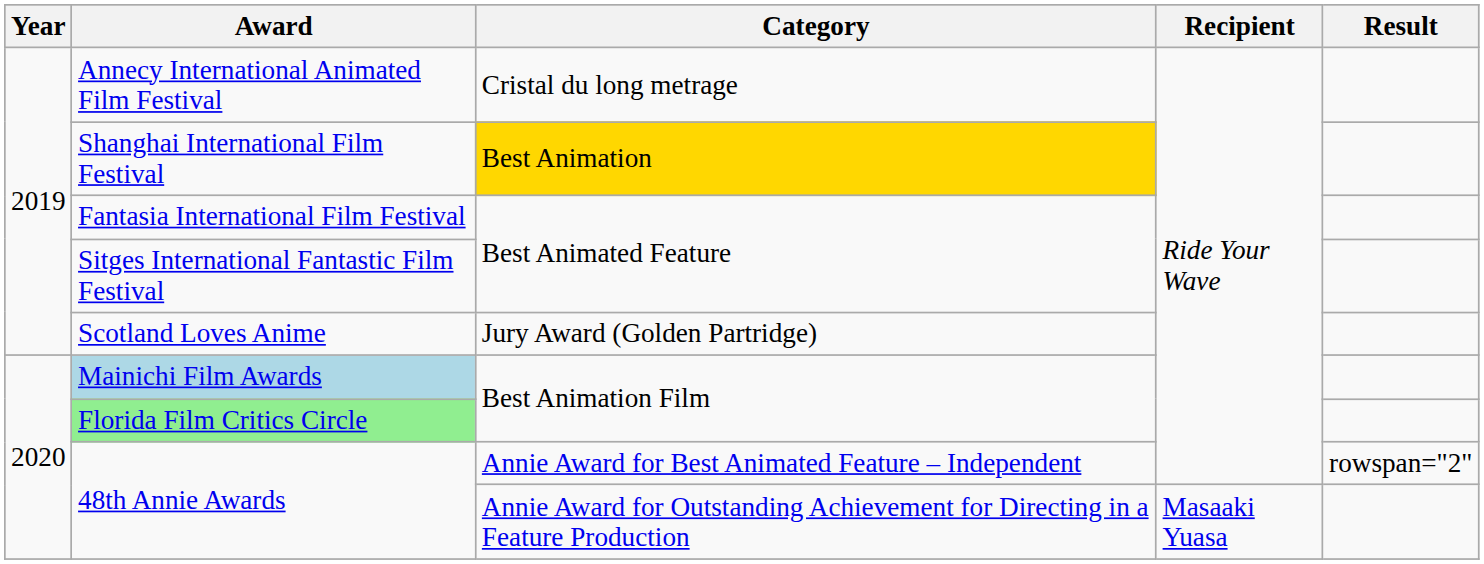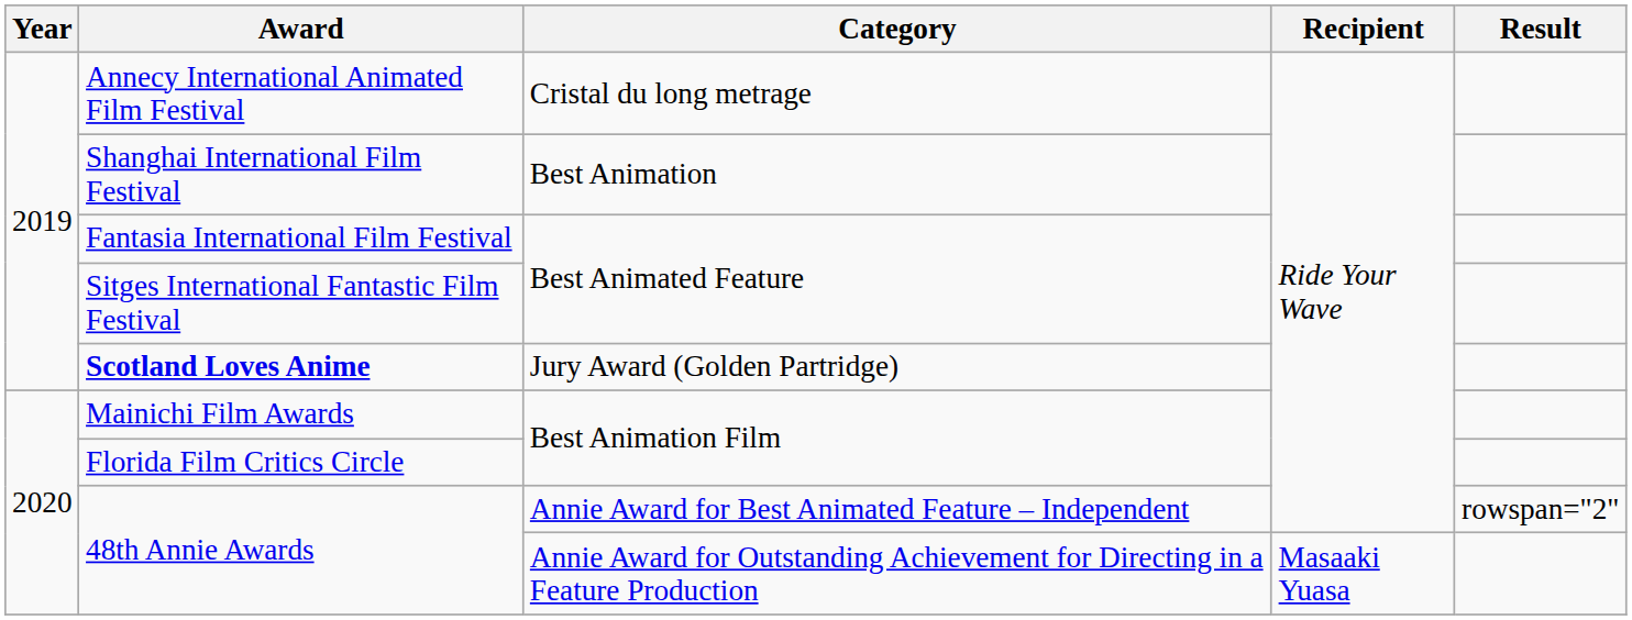 <table class="wikitable sortable">
 <tr>
 <th>Year</th>
 <th>Award</th>
 <th>Category</th>
 <th>Recipient</th>
 <th>Result</th>
 </tr>
 <tr>
 <td rowspan="5">2019</td>
 <td><a href='#'>Annecy International Animated Film Festival</a></td>
 <td>Cristal du long metrage</td>
 <td rowspan=8;><em>Ride Your Wave</em></td>
 <td></td>
 </tr>
 <tr>
 <td><a href='#'>Shanghai International Film Festival</a></td>
-<td style="background: gold;">Best Animation</td>
+<td>Best Animation</td>
 <td></td>
 </tr>
 <tr>
 <td><a href='#'>Fantasia International Film Festival</a></td>
 <td rowspan=2;>Best Animated Feature</td>
 <td></td>
 </tr>
 <tr>
 <td><a href='#'>Sitges International Fantastic Film Festival</a></td>
 <td></td>
 </tr>
 <tr>
-<td><a href='#'>Scotland Loves Anime</a></td>
+<td><strong><a href='#'>Scotland Loves Anime</a></strong></td>
 <td>Jury Award (Golden Partridge)</td>
 <td></td>
 </tr>
 <tr>
 <td rowspan="4">2020</td>
-<td style="background: lightblue;"><a href='#'>Mainichi Film Awards</a></td>
+<td><a href='#'>Mainichi Film Awards</a></td>
 <td rowspan=2;>Best Animation Film</td>
 <td></td>
 </tr>
 <tr>
-<td style="background: lightgreen;"><a href='#'>Florida Film Critics Circle</a></td>
+<td><a href='#'>Florida Film Critics Circle</a></td>
 <td></td>
 </tr>
 <tr>
 <td rowspan="2"><a href='#'>48th Annie Awards</a></td>
 <td><a href='#'>Annie Award for Best Animated Feature – Independent</a></td>
 <td>rowspan="2" </td>
 </tr>
 <tr>
 <td><a href='#'>Annie Award for Outstanding Achievement for Directing in a Feature Production</a></td>
 <td><a href='#'>Masaaki Yuasa</a></td>
 </tr>
 </table>
